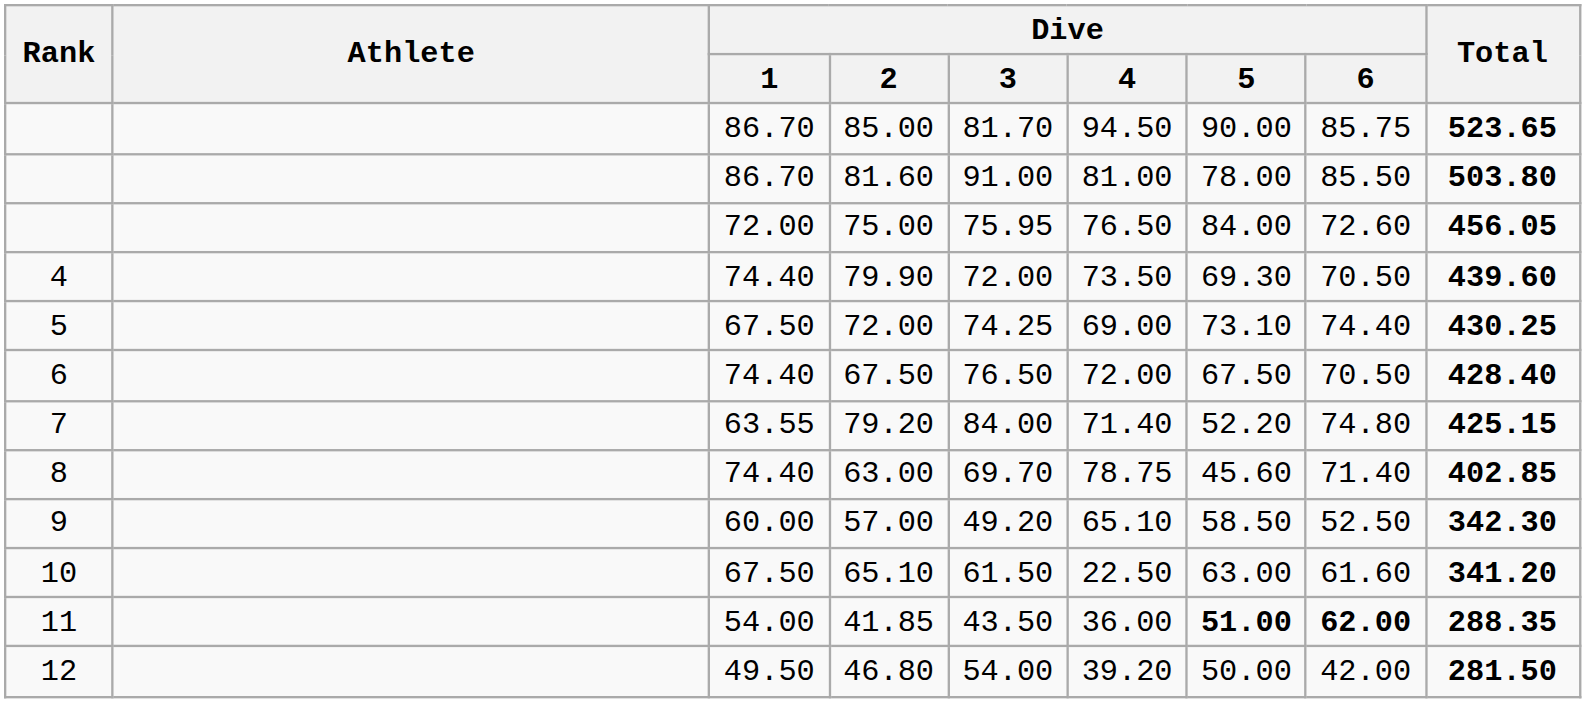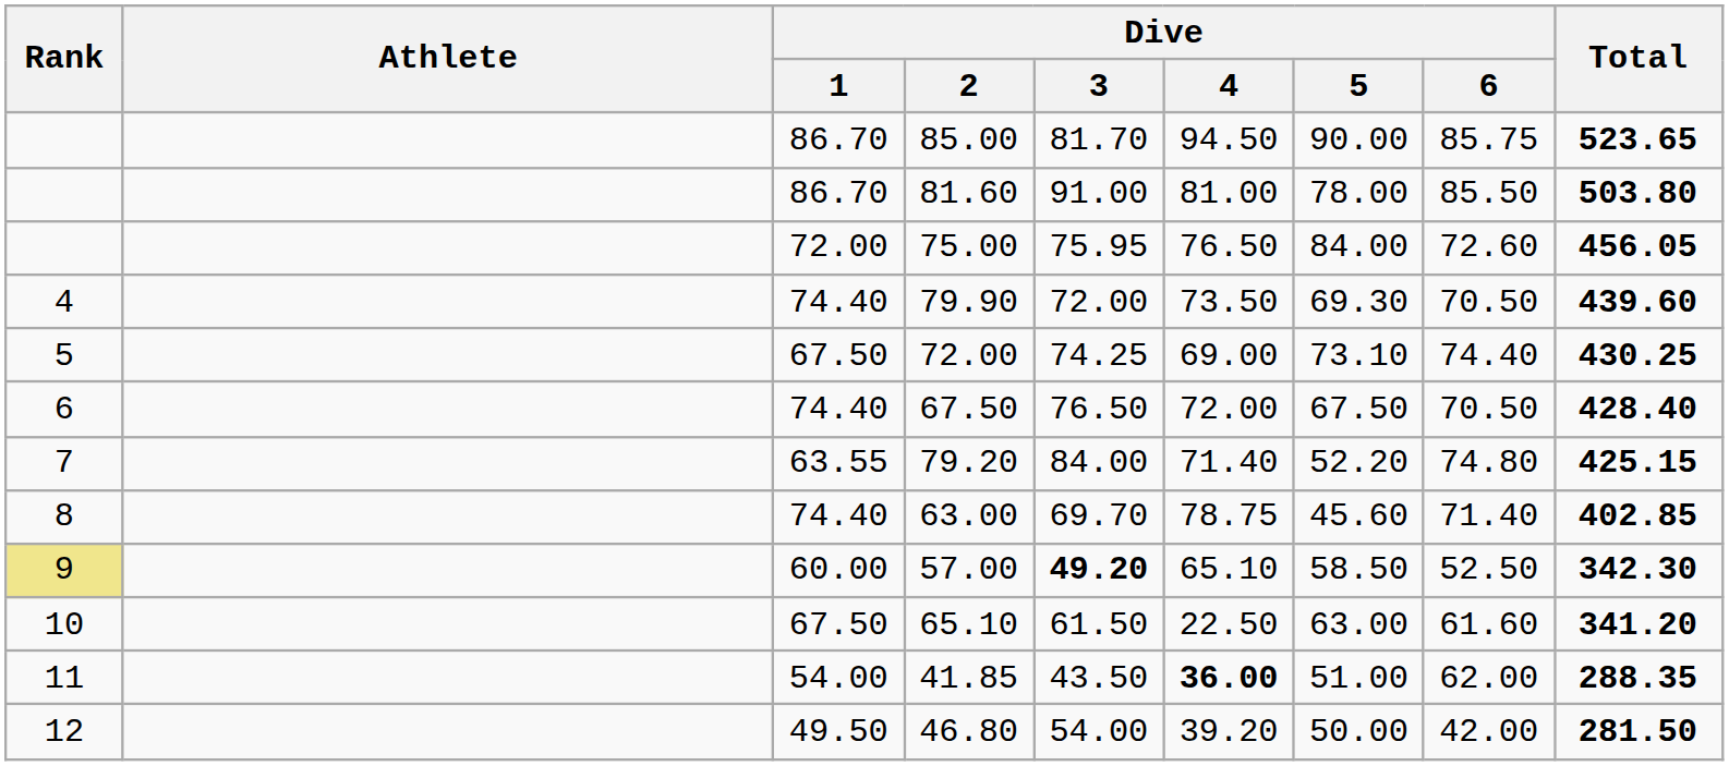 <table class=wikitable style="text-align:center">
 <tr>
 <th rowspan="2" width=40>Rank</th>
 <th rowspan="2" width=250>Athlete</th>
 <th colspan="6">Dive</th>
 <th rowspan="2" width=60>Total</th>
 </tr>
 <tr>
 <th width=45>1</th>
 <th width=45>2</th>
 <th width=45>3</th>
 <th width=45>4</th>
 <th width=45>5</th>
 <th width=45>6</th>
 </tr>
 <tr>
 <td></td>
 <td align=left></td>
 <td>86.70</td>
 <td>85.00</td>
 <td>81.70</td>
 <td>94.50</td>
 <td>90.00</td>
 <td>85.75</td>
 <td><strong>523.65</strong></td>
 </tr>
 <tr>
 <td></td>
 <td align=left></td>
 <td>86.70</td>
 <td>81.60</td>
 <td>91.00</td>
 <td>81.00</td>
 <td>78.00</td>
 <td>85.50</td>
 <td><strong>503.80</strong></td>
 </tr>
 <tr>
 <td></td>
 <td align=left></td>
 <td>72.00</td>
 <td>75.00</td>
 <td>75.95</td>
 <td>76.50</td>
 <td>84.00</td>
 <td>72.60</td>
 <td><strong>456.05</strong></td>
 </tr>
 <tr>
 <td>4</td>
 <td align=left></td>
 <td>74.40</td>
 <td>79.90</td>
 <td>72.00</td>
 <td>73.50</td>
 <td>69.30</td>
 <td>70.50</td>
 <td><strong>439.60</strong></td>
 </tr>
 <tr>
 <td>5</td>
 <td align=left></td>
 <td>67.50</td>
 <td>72.00</td>
 <td>74.25</td>
 <td>69.00</td>
 <td>73.10</td>
 <td>74.40</td>
 <td><strong>430.25</strong></td>
 </tr>
 <tr>
 <td>6</td>
 <td align=left></td>
 <td>74.40</td>
 <td>67.50</td>
 <td>76.50</td>
 <td>72.00</td>
 <td>67.50</td>
 <td>70.50</td>
 <td><strong>428.40</strong></td>
 </tr>
 <tr>
 <td>7</td>
 <td align=left></td>
 <td>63.55</td>
 <td>79.20</td>
 <td>84.00</td>
 <td>71.40</td>
 <td>52.20</td>
 <td>74.80</td>
 <td><strong>425.15</strong></td>
 </tr>
 <tr>
 <td>8</td>
 <td align=left></td>
 <td>74.40</td>
 <td>63.00</td>
 <td>69.70</td>
 <td>78.75</td>
 <td>45.60</td>
 <td>71.40</td>
 <td><strong>402.85</strong></td>
 </tr>
 <tr>
-<td>9</td>
+<td style="background: khaki;">9</td>
 <td align=left></td>
 <td>60.00</td>
 <td>57.00</td>
-<td>49.20</td>
+<td><strong>49.20</strong></td>
 <td>65.10</td>
 <td>58.50</td>
 <td>52.50</td>
 <td><strong>342.30</strong></td>
 </tr>
 <tr>
 <td>10</td>
 <td align=left></td>
 <td>67.50</td>
 <td>65.10</td>
 <td>61.50</td>
 <td>22.50</td>
 <td>63.00</td>
 <td>61.60</td>
 <td><strong>341.20</strong></td>
 </tr>
 <tr>
 <td>11</td>
 <td align=left></td>
 <td>54.00</td>
 <td>41.85</td>
 <td>43.50</td>
-<td>36.00</td>
-<td><strong>51.00</strong></td>
-<td><strong>62.00</strong></td>
+<td><strong>36.00</strong></td>
+<td>51.00</td>
+<td>62.00</td>
 <td><strong>288.35</strong></td>
 </tr>
 <tr>
 <td>12</td>
 <td align=left></td>
 <td>49.50</td>
 <td>46.80</td>
 <td>54.00</td>
 <td>39.20</td>
 <td>50.00</td>
 <td>42.00</td>
 <td><strong>281.50</strong></td>
 </tr>
 </table>
